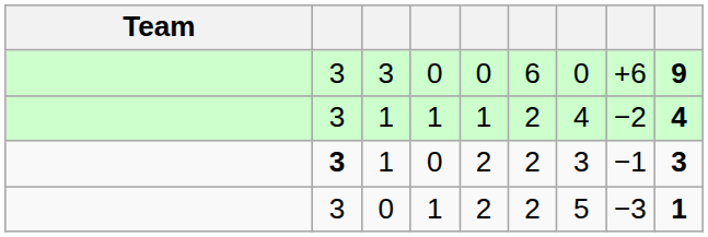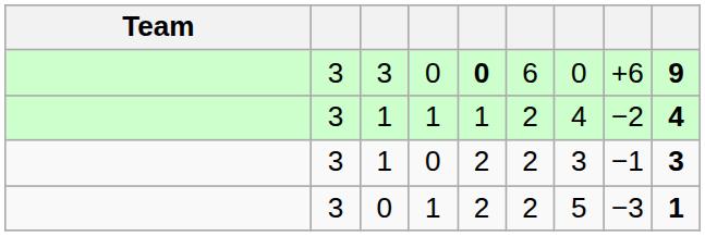 <table class="wikitable" style="text-align:center">
 <tr>
 <th width=165>Team</th>
 <th width=20></th>
 <th width=20></th>
 <th width=20></th>
 <th width=20></th>
 <th width=20></th>
 <th width=20></th>
 <th width=20></th>
 <th width=20></th>
 </tr>
 <tr style="background:#cfc;">
 <td align=left></td>
 <td>3</td>
 <td>3</td>
 <td>0</td>
-<td>0</td>
+<td><strong>0</strong></td>
 <td>6</td>
 <td>0</td>
 <td>+6</td>
 <td><strong>9</strong></td>
 </tr>
 <tr style="background:#cfc;">
 <td align=left></td>
 <td>3</td>
 <td>1</td>
 <td>1</td>
 <td>1</td>
 <td>2</td>
 <td>4</td>
 <td>−2</td>
 <td><strong>4</strong></td>
 </tr>
 <tr>
 <td align=left></td>
-<td><strong>3</strong></td>
+<td>3</td>
 <td>1</td>
 <td>0</td>
 <td>2</td>
 <td>2</td>
 <td>3</td>
 <td>−1</td>
 <td><strong>3</strong></td>
 </tr>
 <tr>
 <td align=left></td>
 <td>3</td>
 <td>0</td>
 <td>1</td>
 <td>2</td>
 <td>2</td>
 <td>5</td>
 <td>−3</td>
 <td><strong>1</strong></td>
 </tr>
 </table>
